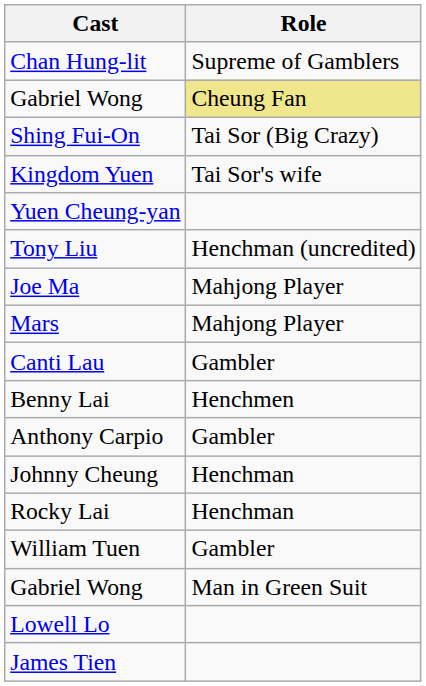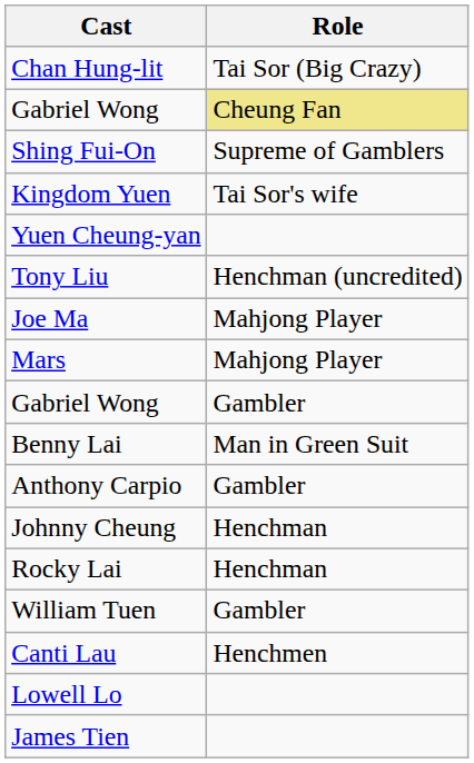 <table class="wikitable">
 <tr>
 <th>Cast</th>
 <th>Role</th>
 </tr>
 <tr>
 <td><a href='#'>Chan Hung-lit</a></td>
-<td>Supreme of Gamblers</td>
+<td>Tai Sor (Big Crazy)</td>
 </tr>
 <tr>
 <td>Gabriel Wong</td>
 <td style="background: khaki;">Cheung Fan</td>
 </tr>
 <tr>
 <td><a href='#'>Shing Fui-On</a></td>
-<td>Tai Sor (Big Crazy)</td>
+<td>Supreme of Gamblers</td>
 </tr>
 <tr>
 <td><a href='#'>Kingdom Yuen</a></td>
 <td>Tai Sor's wife</td>
 </tr>
 <tr>
 <td><a href='#'>Yuen Cheung-yan</a></td>
 <td></td>
 </tr>
 <tr>
 <td><a href='#'>Tony Liu</a></td>
 <td>Henchman (uncredited)</td>
 </tr>
 <tr>
 <td><a href='#'>Joe Ma</a></td>
 <td>Mahjong Player</td>
 </tr>
 <tr>
 <td><a href='#'>Mars</a></td>
 <td>Mahjong Player</td>
 </tr>
 <tr>
-<td><a href='#'>Canti Lau</a></td>
+<td>Gabriel Wong</td>
 <td>Gambler</td>
 </tr>
 <tr>
 <td>Benny Lai</td>
-<td>Henchmen</td>
+<td>Man in Green Suit</td>
 </tr>
 <tr>
 <td>Anthony Carpio</td>
 <td>Gambler</td>
 </tr>
 <tr>
 <td>Johnny Cheung</td>
 <td>Henchman</td>
 </tr>
 <tr>
 <td>Rocky Lai</td>
 <td>Henchman</td>
 </tr>
 <tr>
 <td>William Tuen</td>
 <td>Gambler</td>
 </tr>
 <tr>
-<td>Gabriel Wong</td>
-<td>Man in Green Suit</td>
+<td><a href='#'>Canti Lau</a></td>
+<td>Henchmen</td>
 </tr>
 <tr>
 <td><a href='#'>Lowell Lo</a></td>
 <td></td>
 </tr>
 <tr>
 <td><a href='#'>James Tien</a></td>
 <td></td>
 </tr>
 </table>
